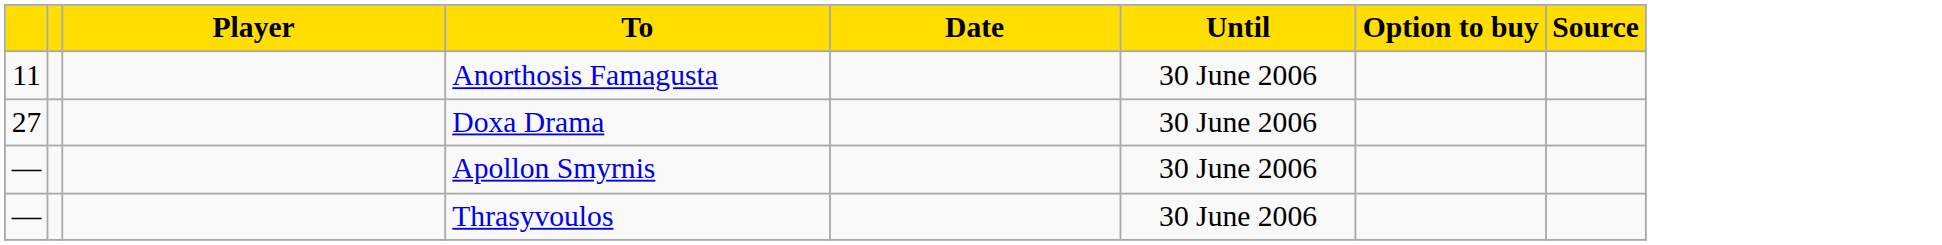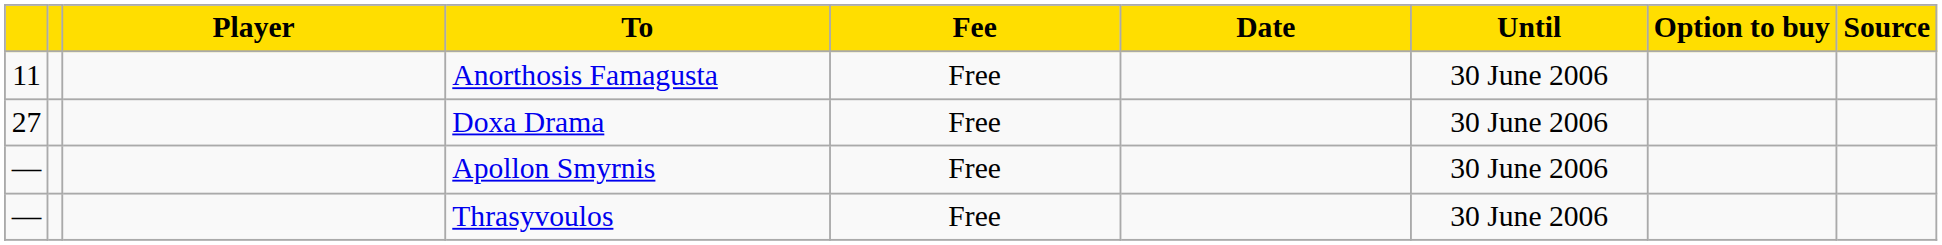 <table class="wikitable sortable">
 <tr>
 <th style="background:#FFDE00"></th>
 <th style="background:#FFDE00"></th>
 <th width=200 style="background:#FFDE00">Player</th>
 <th width=200 style="background:#FFDE00">To</th>
+<th width=150 style="background:#FFDE00">Fee</th>
 <th width=150 style="background:#FFDE00">Date</th>
 <th width=120 style="background:#FFDE00">Until</th>
 <th style="background:#FFDE00">Option to buy</th>
 <th style="background:#FFDE00">Source</th>
 </tr>
 <tr>
 <td align=center>11</td>
 <td align=center></td>
 <td></td>
 <td> <a href='#'>Anorthosis Famagusta</a></td>
+<td align=center>Free</td>
 <td align=center></td>
 <td align=center>30 June 2006</td>
 <td align=center></td>
 <td align=center></td>
 </tr>
 <tr>
 <td align=center>27</td>
 <td align=center></td>
 <td></td>
 <td> <a href='#'>Doxa Drama</a></td>
+<td align=center>Free</td>
 <td align=center></td>
 <td align=center>30 June 2006</td>
 <td align=center></td>
 <td align=center></td>
 </tr>
 <tr>
 <td align=center>—</td>
 <td align=center></td>
 <td></td>
 <td> <a href='#'>Apollon Smyrnis</a></td>
+<td align=center>Free</td>
 <td align=center></td>
 <td align=center>30 June 2006</td>
 <td align=center></td>
 <td align=center></td>
 </tr>
 <tr>
 <td align=center>—</td>
 <td align=center></td>
 <td></td>
 <td> <a href='#'>Thrasyvoulos</a></td>
+<td align=center>Free</td>
 <td align=center></td>
 <td align=center>30 June 2006</td>
 <td align=center></td>
 <td align=center></td>
 </tr>
 </table>
